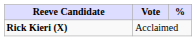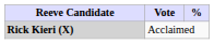 <table class="wikitable">
 <tr>
 <th style="background:#ddf; width:200px;">Reeve Candidate</th>
 <th style="background:#ddf; width:50px;">Vote</th>
 <th style="background:#ddf; width:30px;">%</th>
 </tr>
 <tr>
-<td><strong>Rick Kieri (X)</strong></td>
+<td style="background: lightgrey;"><strong>Rick Kieri (X)</strong></td>
 <td colspan="2">Acclaimed</td>
 </tr>
 </table>
